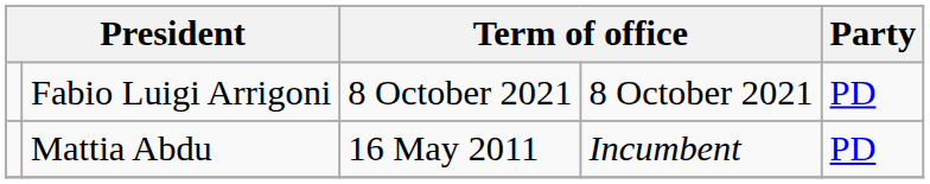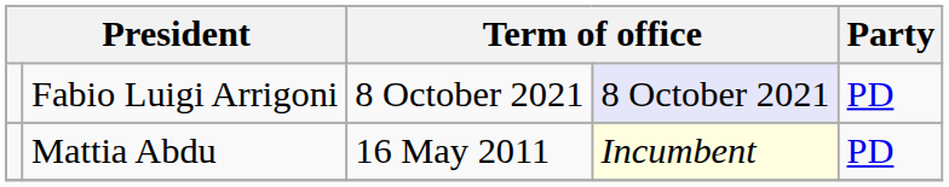 <table class="wikitable">
 <tr>
 <th colspan="2">President</th>
 <th colspan="2">Term of office</th>
 <th>Party</th>
 </tr>
 <tr>
 <td style="background-color: "></td>
 <td>Fabio Luigi Arrigoni</td>
 <td>8 October 2021</td>
-<td>8 October 2021</td>
+<td style="background: lavender;">8 October 2021</td>
 <td><a href='#'>PD</a></td>
 </tr>
 <tr>
 <td style="background-color: "></td>
 <td>Mattia Abdu</td>
 <td>16 May 2011</td>
-<td><em>Incumbent</em></td>
+<td style="background: lightyellow;"><em>Incumbent</em></td>
 <td><a href='#'>PD</a></td>
 </tr>
 <tr>
 </tr>
 </table>
